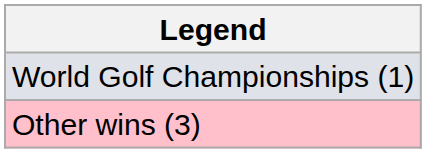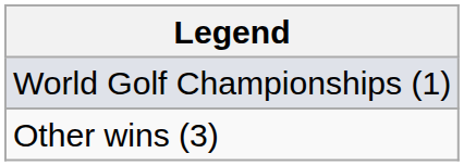 <table class="wikitable" style="font-size:95%;">
 <tr>
 <th>Legend</th>
 </tr>
 <tr style="background:#dfe2e9;">
 <td>World Golf Championships (1)</td>
 </tr>
 <tr>
-<td style="background: pink;">Other wins (3)</td>
+<td>Other wins (3)</td>
 </tr>
 </table>
